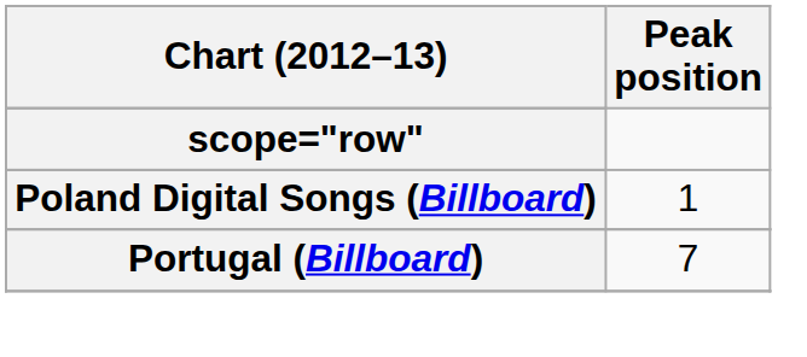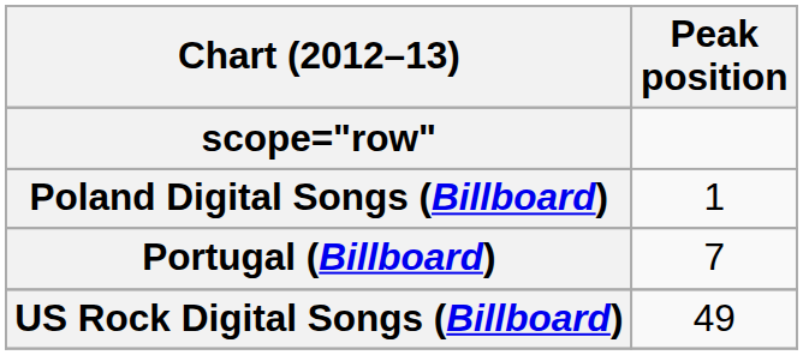 <table class="wikitable sortable plainrowheaders" style="text-align:center;">
 <tr>
 <th scope="col">Chart (2012–13)</th>
 <th scope="col">Peak<br>position</th>
 </tr>
 <tr>
 </tr>
 <tr>
 <th>scope="row"</th>
 </tr>
 <tr>
 </tr>
 <tr>
 </tr>
 <tr>
 </tr>
 <tr>
 </tr>
 <tr>
 </tr>
 <tr>
 </tr>
 <tr>
 </tr>
 <tr>
 </tr>
 <tr>
 </tr>
 <tr>
 </tr>
 <tr>
 </tr>
 <tr>
 <th scope="row">Poland Digital Songs (<em><a href='#'>Billboard</a></em>)</th>
 <td>1</td>
 </tr>
 <tr>
 </tr>
 <tr>
 <th scope="row">Portugal (<em><a href='#'>Billboard</a></em>)</th>
 <td>7</td>
 </tr>
 <tr>
 </tr>
 <tr>
 </tr>
 <tr>
 </tr>
 <tr>
 </tr>
 <tr>
 </tr>
 <tr>
 </tr>
 <tr>
+<th scope="row">US Rock Digital Songs (<em><a href='#'>Billboard</a></em>)</th>
+<td>49</td>
+</tr>
+<tr>
 </tr>
 </table>
